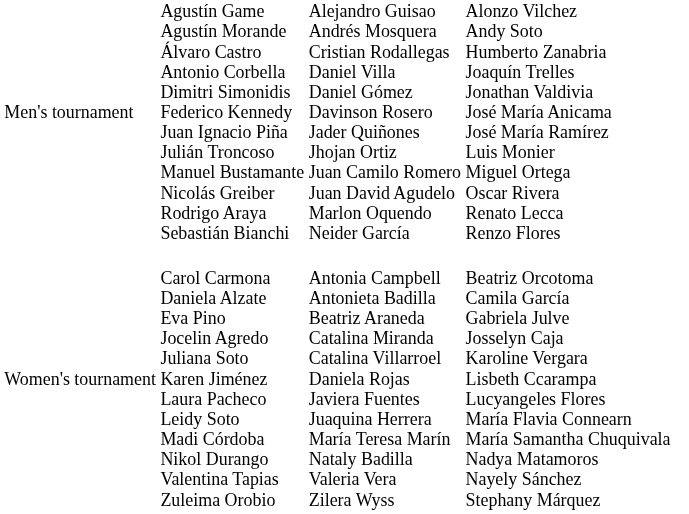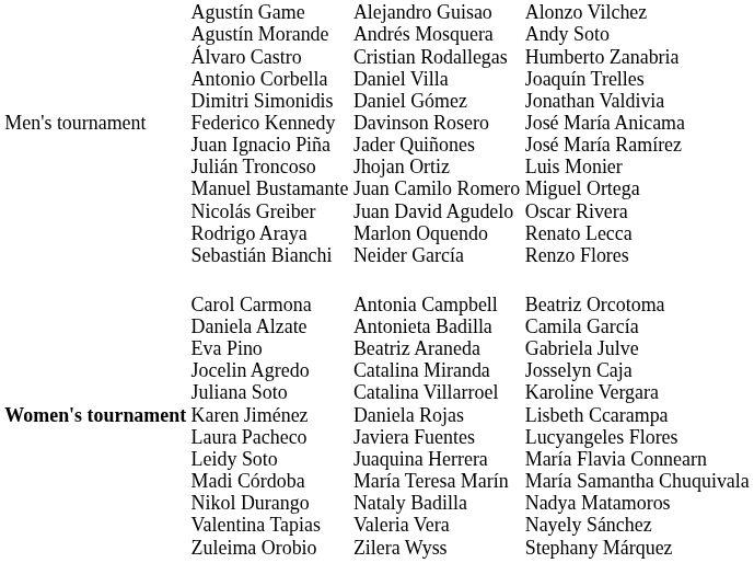 <table>
 <tr>
 <td>Men's tournament</td>
 <td><br>Agustín Game<br>Agustín Morande<br>Álvaro Castro<br>Antonio Corbella<br>Dimitri Simonidis<br>Federico Kennedy<br>Juan Ignacio Piña<br>Julián Troncoso<br>Manuel Bustamante<br>Nicolás Greiber<br>Rodrigo Araya<br>Sebastián Bianchi</td>
 <td><br>Alejandro Guisao<br>Andrés Mosquera<br>Cristian Rodallegas<br>Daniel Villa<br>Daniel Gómez<br>Davinson Rosero<br>Jader Quiñones<br>Jhojan Ortiz<br>Juan Camilo Romero<br>Juan David Agudelo<br>Marlon Oquendo<br>Neider García</td>
 <td><br>Alonzo Vilchez<br>Andy Soto<br>Humberto Zanabria<br>Joaquín Trelles<br>Jonathan Valdivia<br>José María Anicama<br>José María Ramírez<br>Luis Monier<br>Miguel Ortega<br>Oscar Rivera<br>Renato Lecca<br>Renzo Flores</td>
 </tr>
 <tr>
-<td>Women's tournament</td>
+<td><strong>Women's tournament</strong></td>
 <td><br>Carol Carmona<br>Daniela Alzate<br>Eva Pino<br>Jocelin Agredo<br>Juliana Soto<br>Karen Jiménez<br>Laura Pacheco<br>Leidy Soto<br>Madi Córdoba<br>Nikol Durango<br>Valentina Tapias<br>Zuleima Orobio</td>
 <td><br>Antonia Campbell<br>Antonieta Badilla<br>Beatriz Araneda<br>Catalina Miranda<br>Catalina Villarroel<br>Daniela Rojas<br>Javiera Fuentes<br>Juaquina Herrera<br>María Teresa Marín<br>Nataly Badilla<br>Valeria Vera<br>Zilera Wyss</td>
 <td><br>Beatriz Orcotoma<br>Camila García<br>Gabriela Julve<br>Josselyn Caja<br>Karoline Vergara<br>Lisbeth Ccarampa<br>Lucyangeles Flores<br>María Flavia Connearn<br>María Samantha Chuquivala<br>Nadya Matamoros<br>Nayely Sánchez<br>Stephany Márquez</td>
 </tr>
 <tr>
 </tr>
 </table>
